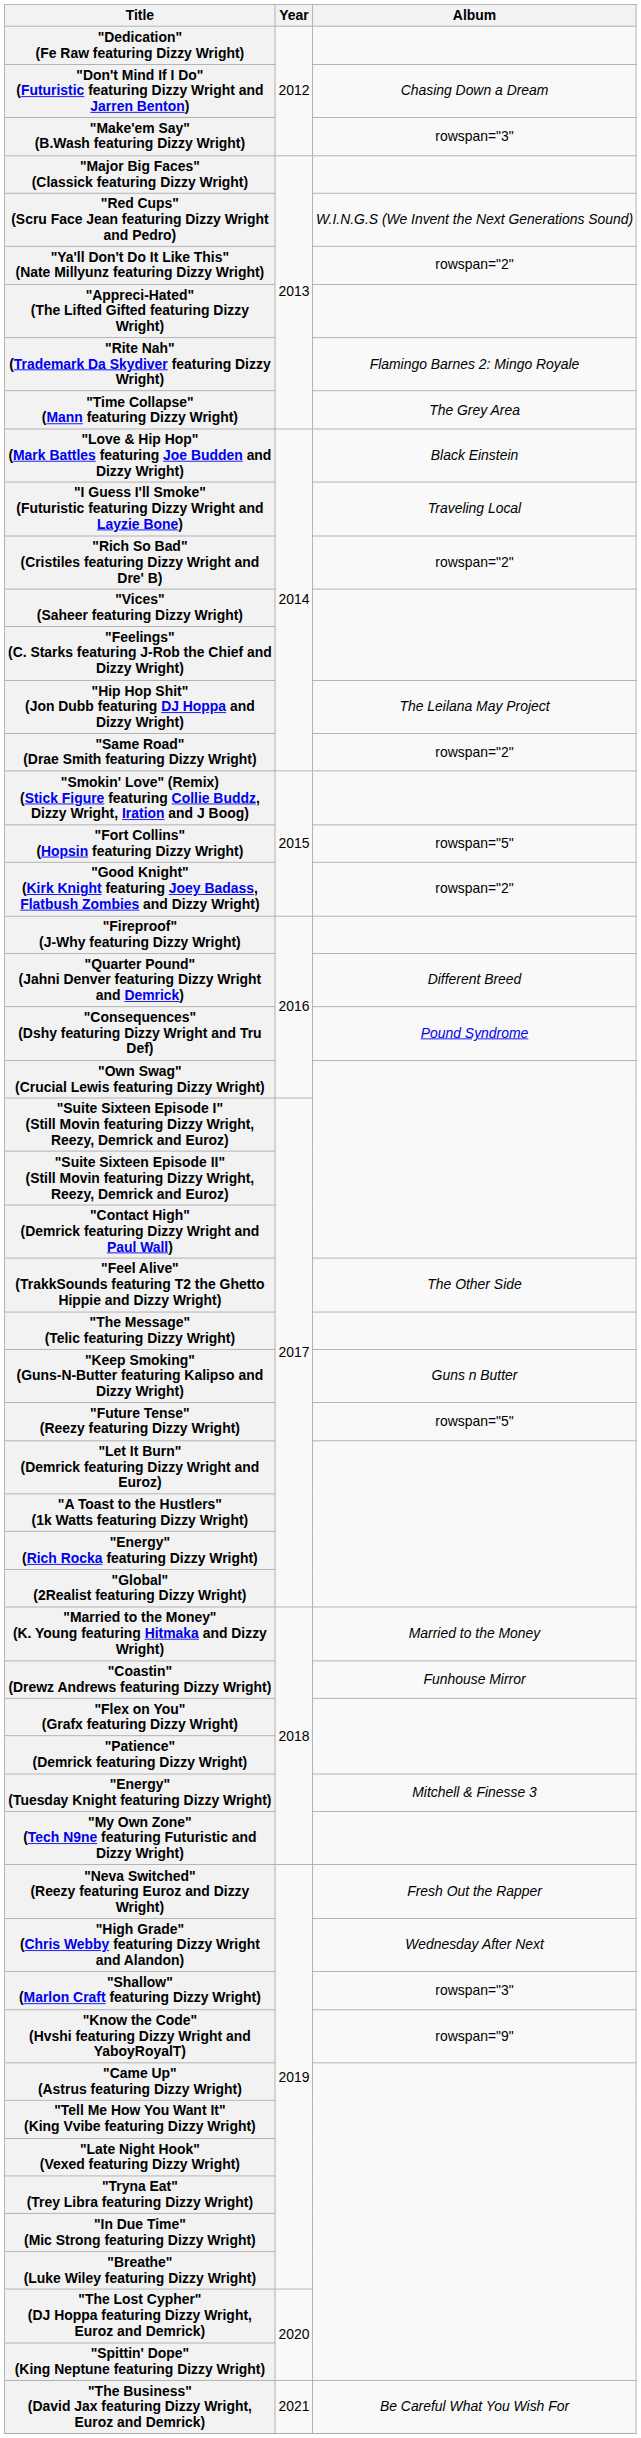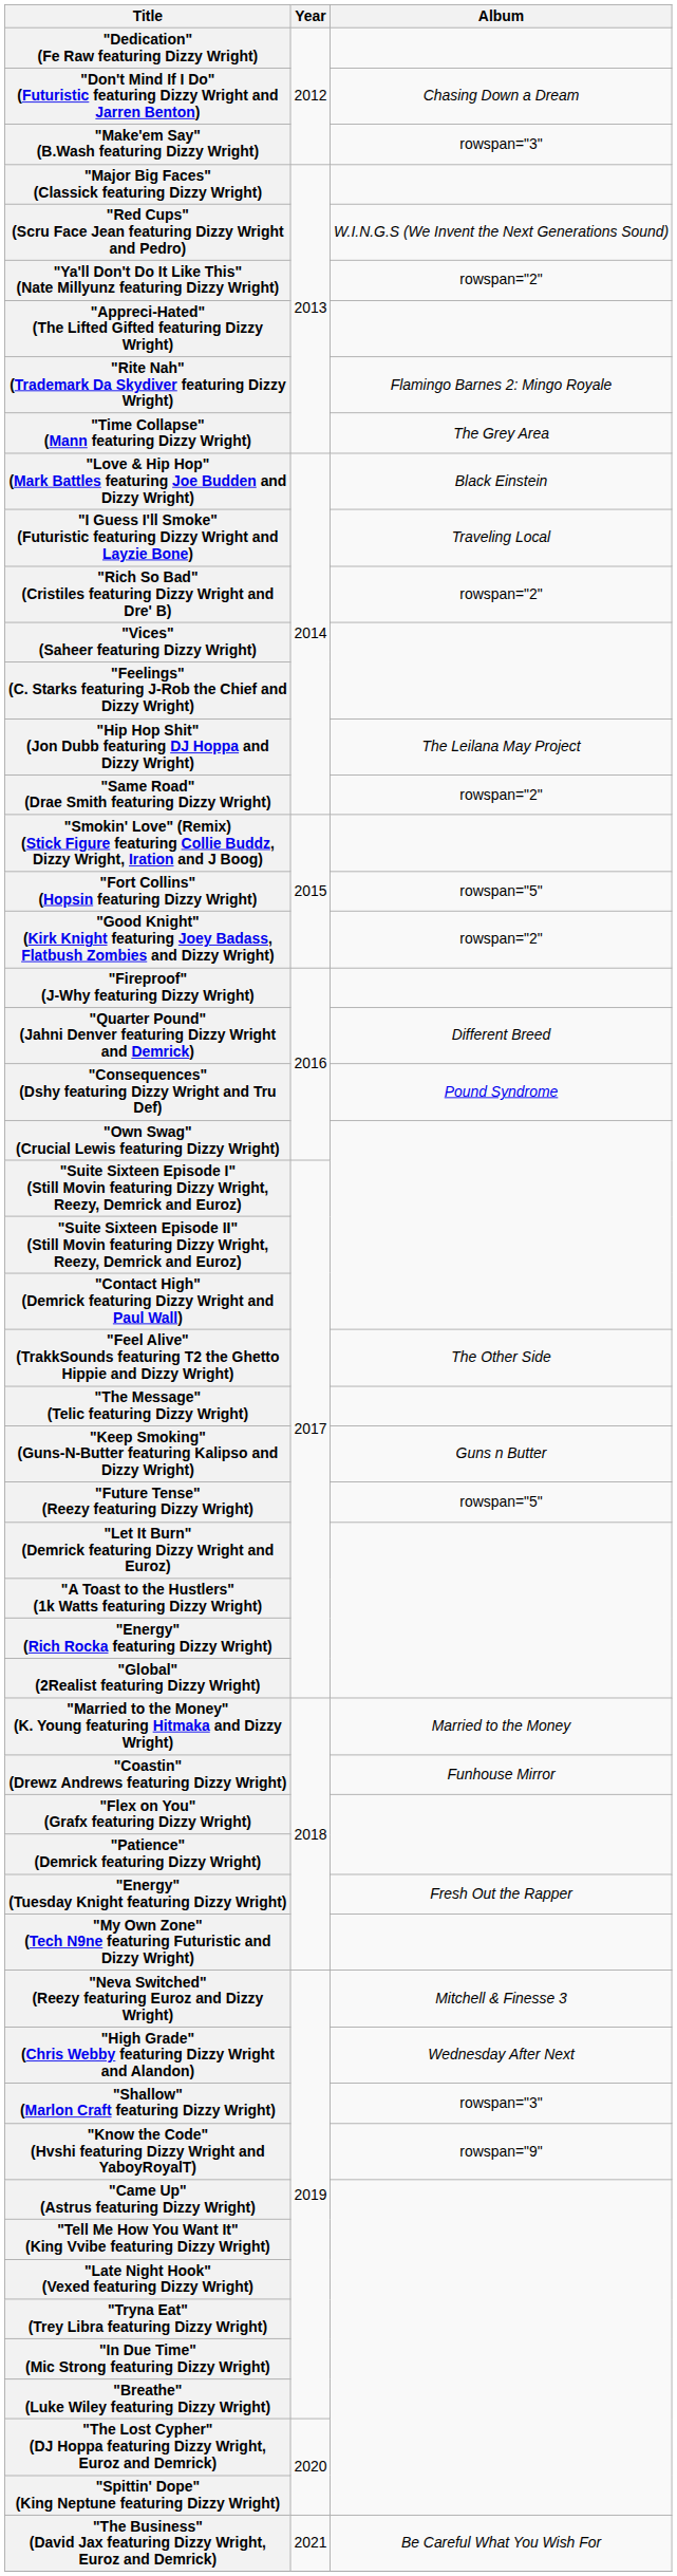 <table class="wikitable plainrowheaders" style="text-align:center;">
 <tr>
 <th scope="col" style="width:19em;">Title</th>
 <th scope="col">Year</th>
 <th scope="col">Album</th>
 </tr>
 <tr>
 <th scope="row">"Dedication"<br><span>(Fe Raw featuring Dizzy Wright)</span></th>
 <td rowspan="3">2012</td>
 <td></td>
 </tr>
 <tr>
 <th scope="row">"Don't Mind If I Do"<br><span>(<a href='#'>Futuristic</a> featuring Dizzy Wright and <a href='#'>Jarren Benton</a>)</span></th>
 <td><em>Chasing Down a Dream</em></td>
 </tr>
 <tr>
 <th scope="row">"Make'em Say"<br><span>(B.Wash featuring Dizzy Wright)</span></th>
 <td>rowspan="3" </td>
 </tr>
 <tr>
 <th scope="row">"Major Big Faces"<br><span>(Classick featuring Dizzy Wright)</span></th>
 <td rowspan="6">2013</td>
 </tr>
 <tr>
 <th scope="row">"Red Cups"<br><span>(Scru Face Jean featuring Dizzy Wright and Pedro)</span></th>
 <td><em>W.I.N.G.S (We Invent the Next Generations Sound)</em></td>
 </tr>
 <tr>
 <th scope="row">"Ya'll Don't Do It Like This"<br><span>(Nate Millyunz featuring Dizzy Wright)</span></th>
 <td>rowspan="2" </td>
 </tr>
 <tr>
 <th scope="row">"Appreci-Hated"<br><span>(The Lifted Gifted featuring Dizzy Wright)</span></th>
 </tr>
 <tr>
 <th scope="row">"Rite Nah"<br><span>(<a href='#'>Trademark Da Skydiver</a> featuring Dizzy Wright)</span></th>
 <td><em>Flamingo Barnes 2: Mingo Royale</em></td>
 </tr>
 <tr>
 <th scope="row">"Time Collapse"<br><span>(<a href='#'>Mann</a> featuring Dizzy Wright)</span></th>
 <td><em>The Grey Area</em></td>
 </tr>
 <tr>
 <th scope="row">"Love & Hip Hop"<br><span>(<a href='#'>Mark Battles</a> featuring <a href='#'>Joe Budden</a> and Dizzy Wright)</span></th>
 <td rowspan="7">2014</td>
 <td><em>Black Einstein</em></td>
 </tr>
 <tr>
 <th scope="row">"I Guess I'll Smoke"<br><span>(Futuristic featuring Dizzy Wright and <a href='#'>Layzie Bone</a>)</span></th>
 <td><em>Traveling Local</em></td>
 </tr>
 <tr>
 <th scope="row">"Rich So Bad"<br><span>(Cristiles featuring Dizzy Wright and Dre' B)</span></th>
 <td>rowspan="2" </td>
 </tr>
 <tr>
 <th scope="row">"Vices"<br><span>(Saheer featuring Dizzy Wright)</span></th>
 </tr>
 <tr>
 <th scope="row">"Feelings"<br><span>(C. Starks featuring J-Rob the Chief and Dizzy Wright)</span></th>
 </tr>
 <tr>
 <th scope="row">"Hip Hop Shit"<br><span>(Jon Dubb featuring <a href='#'>DJ Hoppa</a> and Dizzy Wright)</span></th>
 <td><em>The Leilana May Project</em></td>
 </tr>
 <tr>
 <th scope="row">"Same Road"<br><span>(Drae Smith featuring Dizzy Wright)</span></th>
 <td>rowspan="2" </td>
 </tr>
 <tr>
 <th scope="row">"Smokin' Love" (Remix)<br><span>(<a href='#'>Stick Figure</a> featuring <a href='#'>Collie Buddz</a>, Dizzy Wright, <a href='#'>Iration</a> and J Boog)</span></th>
 <td rowspan="3">2015</td>
 </tr>
 <tr>
 <th scope="row">"Fort Collins"<br><span>(<a href='#'>Hopsin</a> featuring Dizzy Wright)</span></th>
 <td>rowspan="5" </td>
 </tr>
 <tr>
 <th scope="row">"Good Knight"<br><span>(<a href='#'>Kirk Knight</a> featuring <a href='#'>Joey Badass</a>, <a href='#'>Flatbush Zombies</a> and Dizzy Wright)</span></th>
 <td>rowspan="2" </td>
 </tr>
 <tr>
 <th scope="row">"Fireproof"<br><span>(J-Why featuring Dizzy Wright)</span></th>
 <td rowspan="4">2016</td>
 </tr>
 <tr>
 <th scope="row">"Quarter Pound"<br><span>(Jahni Denver featuring Dizzy Wright and <a href='#'>Demrick</a>)</span></th>
 <td><em>Different Breed</em></td>
 </tr>
 <tr>
 <th scope="row">"Consequences"<br><span>(Dshy featuring Dizzy Wright and Tru Def)</span></th>
 <td><em><a href='#'>Pound Syndrome</a></em></td>
 </tr>
 <tr>
 <th scope="row">"Own Swag"<br><span>(Crucial Lewis featuring Dizzy Wright)</span></th>
 </tr>
 <tr>
 <th scope="row">"Suite Sixteen Episode I"<br><span>(Still Movin featuring Dizzy Wright, Reezy, Demrick and Euroz)</span></th>
 <td rowspan="11">2017</td>
 </tr>
 <tr>
 <th scope="row">"Suite Sixteen Episode II"<br><span>(Still Movin featuring Dizzy Wright, Reezy, Demrick and Euroz)</span></th>
 </tr>
 <tr>
 <th scope="row">"Contact High"<br><span>(Demrick featuring Dizzy Wright and <a href='#'>Paul Wall</a>)</span></th>
 </tr>
 <tr>
 <th scope="row">"Feel Alive"<br><span>(TrakkSounds featuring T2 the Ghetto Hippie and Dizzy Wright)</span></th>
 <td><em>The Other Side</em></td>
 </tr>
 <tr>
 <th scope="row">"The Message"<br><span>(Telic featuring Dizzy Wright)</span></th>
 <td></td>
 </tr>
 <tr>
 <th scope="row">"Keep Smoking"<br><span>(Guns-N-Butter featuring Kalipso and Dizzy Wright)</span></th>
 <td><em>Guns n Butter</em></td>
 </tr>
 <tr>
 <th scope="row">"Future Tense"<br><span>(Reezy featuring Dizzy Wright)</span></th>
 <td>rowspan="5" </td>
 </tr>
 <tr>
 <th scope="row">"Let It Burn"<br><span>(Demrick featuring Dizzy Wright and Euroz)</span></th>
 </tr>
 <tr>
 <th scope="row">"A Toast to the Hustlers"<br><span>(1k Watts featuring Dizzy Wright)</span></th>
 </tr>
 <tr>
 <th scope="row">"Energy"<br><span>(<a href='#'>Rich Rocka</a> featuring Dizzy Wright)</span></th>
 </tr>
 <tr>
 <th scope="row">"Global"<br><span>(2Realist featuring Dizzy Wright)</span></th>
 </tr>
 <tr>
 <th scope="row">"Married to the Money"<br><span>(K. Young featuring <a href='#'>Hitmaka</a> and Dizzy Wright)</span></th>
 <td rowspan="6">2018</td>
 <td><em>Married to the Money</em></td>
 </tr>
 <tr>
 <th scope="row">"Coastin"<br><span>(Drewz Andrews featuring Dizzy Wright)</span></th>
 <td><em>Funhouse Mirror</em></td>
 </tr>
 <tr>
 <th scope="row">"Flex on You"<br><span>(Grafx featuring Dizzy Wright)</span></th>
 </tr>
 <tr>
 <th scope="row">"Patience"<br><span>(Demrick featuring Dizzy Wright)</span></th>
 </tr>
 <tr>
 <th scope="row">"Energy"<br><span>(Tuesday Knight featuring Dizzy Wright)</span></th>
-<td><em>Mitchell & Finesse 3</em></td>
+<td><em>Fresh Out the Rapper</em></td>
 </tr>
 <tr>
 <th scope="row">"My Own Zone"<br><span>(<a href='#'>Tech N9ne</a> featuring Futuristic and Dizzy Wright)</span></th>
 <td></td>
 </tr>
 <tr>
 <th scope="row">"Neva Switched"<br><span>(Reezy featuring Euroz and Dizzy Wright)</span></th>
 <td rowspan="10">2019</td>
-<td><em>Fresh Out the Rapper</em></td>
+<td><em>Mitchell & Finesse 3</em></td>
 </tr>
 <tr>
 <th scope="row">"High Grade"<br><span>(<a href='#'>Chris Webby</a> featuring Dizzy Wright and Alandon)</span></th>
 <td><em>Wednesday After Next</em></td>
 </tr>
 <tr>
 <th scope="row">"Shallow"<br><span>(<a href='#'>Marlon Craft</a> featuring Dizzy Wright)</span></th>
 <td>rowspan="3" </td>
 </tr>
 <tr>
 <th scope="row">"Know the Code"<br><span>(Hvshi featuring Dizzy Wright and YaboyRoyalT)</span></th>
 <td>rowspan="9"</td>
 </tr>
 <tr>
 <th scope="row">"Came Up"<br><span>(Astrus featuring Dizzy Wright)</span></th>
 </tr>
 <tr>
 <th scope="row">"Tell Me How You Want It"<br><span>(King Vvibe featuring Dizzy Wright)</span></th>
 </tr>
 <tr>
 <th scope="row">"Late Night Hook"<br><span>(Vexed featuring Dizzy Wright)</span></th>
 </tr>
 <tr>
 <th scope="row">"Tryna Eat"<br><span>(Trey Libra featuring Dizzy Wright)</span></th>
 </tr>
 <tr>
 <th scope="row">"In Due Time"<br><span>(Mic Strong featuring Dizzy Wright)</span></th>
 </tr>
 <tr>
 <th scope="row">"Breathe"<br><span>(Luke Wiley featuring Dizzy Wright)</span></th>
 </tr>
 <tr>
 <th scope="row">"The Lost Cypher"<br><span>(DJ Hoppa featuring  Dizzy Wright, Euroz and Demrick)</span></th>
 <td rowspan="2">2020</td>
 </tr>
 <tr>
 <th scope="row">"Spittin' Dope"<br><span>(King Neptune featuring Dizzy Wright)</span></th>
 </tr>
 <tr>
 <th scope="row">"The Business"<br><span>(David Jax featuring  Dizzy Wright, Euroz and Demrick)</span></th>
 <td>2021</td>
 <td><em>Be Careful What You Wish For</em></td>
 </tr>
 <tr>
 </tr>
 </table>
